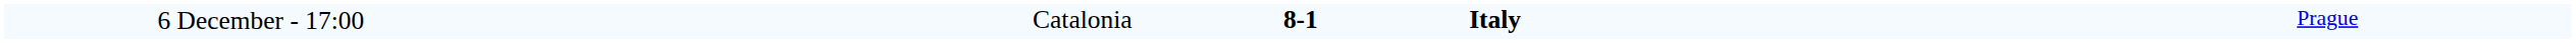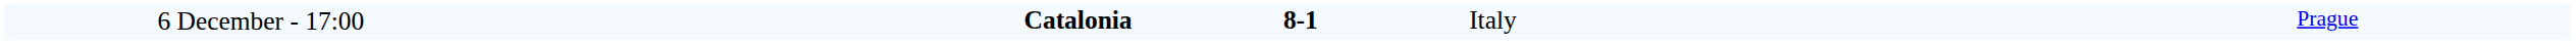 <table style="width: 100%; background:#F5FAFF;" cellspacing="0">
 <tr>
 <td align=center rowspan=3 width=20%>6 December - 17:00</td>
 </tr>
 <tr>
-<td width=24% align=right>Catalonia </td>
+<td width=24% align=right><strong>Catalonia </strong></td>
 <td align=center width=13%><strong>8-1</strong></td>
-<td width=24%><strong> Italy</strong></td>
+<td width=24%> Italy</td>
 <td style=font-size:85% rowspan=3 valign=top align=center><a href='#'>Prague</a></td>
 </tr>
 <tr style=font-size:85%>
 <td align=right valign=top></td>
 <td></td>
 <td></td>
 </tr>
 </table>
